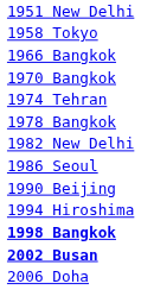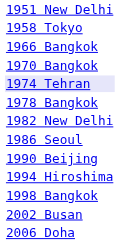 <table>
 <tr>
 <td><a href='#'>1951 New Delhi</a></td>
 <td></td>
 <td></td>
 <td></td>
 </tr>
 <tr>
 <td><a href='#'>1958 Tokyo</a></td>
 <td></td>
 <td></td>
 <td></td>
 </tr>
 <tr>
 <td><a href='#'>1966 Bangkok</a></td>
 <td></td>
 <td></td>
 <td></td>
 </tr>
 <tr>
 <td><a href='#'>1970 Bangkok</a></td>
 <td></td>
 <td></td>
 <td></td>
 </tr>
 <tr>
-<td><a href='#'>1974 Tehran</a></td>
+<td style="background: lavender;"><a href='#'>1974 Tehran</a></td>
 <td></td>
 <td></td>
 <td></td>
 </tr>
 <tr>
 <td><a href='#'>1978 Bangkok</a></td>
 <td></td>
 <td></td>
 <td></td>
 </tr>
 <tr>
 <td><a href='#'>1982 New Delhi</a></td>
 <td></td>
 <td></td>
 <td></td>
 </tr>
 <tr>
 <td><a href='#'>1986 Seoul</a></td>
 <td></td>
 <td></td>
 <td></td>
 </tr>
 <tr>
 <td><a href='#'>1990 Beijing</a></td>
 <td></td>
 <td></td>
 <td></td>
 </tr>
 <tr>
 <td><a href='#'>1994 Hiroshima</a></td>
 <td></td>
 <td></td>
 <td></td>
 </tr>
 <tr>
-<td><strong><a href='#'>1998 Bangkok</a></strong></td>
+<td><a href='#'>1998 Bangkok</a></td>
 <td></td>
 <td></td>
 <td></td>
 </tr>
 <tr>
-<td><strong><a href='#'>2002 Busan</a></strong></td>
+<td><a href='#'>2002 Busan</a></td>
 <td></td>
 <td></td>
 <td></td>
 </tr>
 <tr>
 <td><a href='#'>2006 Doha</a></td>
 <td></td>
 <td></td>
 <td></td>
 </tr>
 </table>
